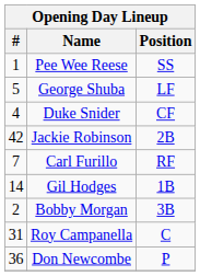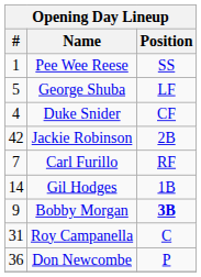 <table class="wikitable" style="text-align:center">
 <tr>
 <th colspan="3">Opening Day Lineup</th>
 </tr>
 <tr>
 <th>#</th>
 <th>Name</th>
 <th>Position</th>
 </tr>
 <tr>
 <td>1</td>
 <td><a href='#'>Pee Wee Reese</a></td>
 <td><a href='#'>SS</a></td>
 </tr>
 <tr>
 <td>5</td>
 <td><a href='#'>George Shuba</a></td>
 <td><a href='#'>LF</a></td>
 </tr>
 <tr>
 <td>4</td>
 <td><a href='#'>Duke Snider</a></td>
 <td><a href='#'>CF</a></td>
 </tr>
 <tr>
 <td>42</td>
 <td><a href='#'>Jackie Robinson</a></td>
 <td><a href='#'>2B</a></td>
 </tr>
 <tr>
 <td>7</td>
 <td><a href='#'>Carl Furillo</a></td>
 <td><a href='#'>RF</a></td>
 </tr>
 <tr>
 <td>14</td>
 <td><a href='#'>Gil Hodges</a></td>
 <td><a href='#'>1B</a></td>
 </tr>
 <tr>
-<td>2</td>
+<td>9</td>
 <td><a href='#'>Bobby Morgan</a></td>
-<td><a href='#'>3B</a></td>
+<td><strong><a href='#'>3B</a></strong></td>
 </tr>
 <tr>
 <td>31</td>
 <td><a href='#'>Roy Campanella</a></td>
 <td><a href='#'>C</a></td>
 </tr>
 <tr>
 <td>36</td>
 <td><a href='#'>Don Newcombe</a></td>
 <td><a href='#'>P</a></td>
 </tr>
 <tr>
 </tr>
 </table>
